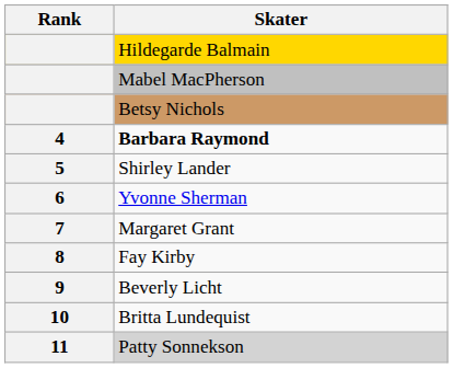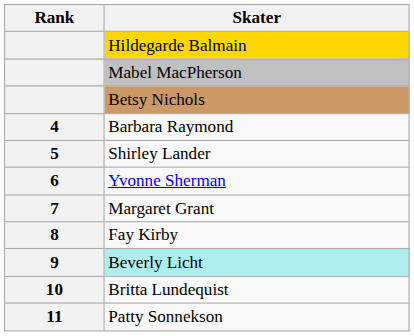 <table class="wikitable unsortable" style="text-align:left; width:30%">
 <tr>
 <th scope="col">Rank</th>
 <th scope="col">Skater</th>
 </tr>
 <tr bgcolor="gold">
 <th scope="row"></th>
 <td>Hildegarde Balmain</td>
 </tr>
 <tr bgcolor="silver">
 <th scope="row"></th>
 <td>Mabel MacPherson</td>
 </tr>
 <tr bgcolor="cc9966">
 <th scope="row"></th>
 <td>Betsy Nichols</td>
 </tr>
 <tr>
 <th scope="row">4</th>
-<td><strong>Barbara Raymond</strong></td>
+<td>Barbara Raymond</td>
 </tr>
 <tr>
 <th scope="row">5</th>
 <td>Shirley Lander</td>
 </tr>
 <tr>
 <th scope="row">6</th>
 <td><a href='#'>Yvonne Sherman</a></td>
 </tr>
 <tr>
 <th scope="row">7</th>
 <td>Margaret Grant</td>
 </tr>
 <tr>
 <th scope="row">8</th>
 <td>Fay Kirby</td>
 </tr>
 <tr>
 <th scope="row">9</th>
-<td>Beverly Licht</td>
+<td style="background: paleturquoise;">Beverly Licht</td>
 </tr>
 <tr>
 <th scope="row">10</th>
 <td>Britta Lundequist</td>
 </tr>
 <tr>
 <th scope="row">11</th>
-<td style="background: lightgrey;">Patty Sonnekson</td>
+<td>Patty Sonnekson</td>
 </tr>
 </table>
